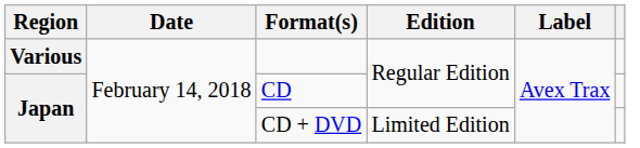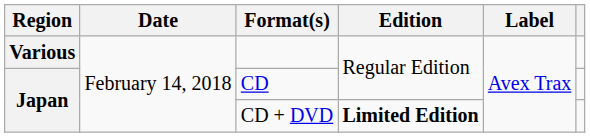 <table class="wikitable plainrowheaders" border="1">
 <tr>
 <th>Region</th>
 <th>Date</th>
 <th>Format(s)</th>
 <th>Edition</th>
 <th>Label</th>
 <th></th>
 </tr>
 <tr>
 <th scope="row">Various</th>
 <td rowspan="3">February 14, 2018</td>
 <td></td>
 <td rowspan="2">Regular Edition</td>
 <td rowspan="3"><a href='#'>Avex Trax</a></td>
 <td style="text-align:center;"></td>
 </tr>
 <tr>
 <th rowspan="2" scope="row">Japan</th>
 <td><a href='#'>CD</a></td>
 <td style="text-align:center;"></td>
 </tr>
 <tr>
 <td>CD + <a href='#'>DVD</a></td>
-<td>Limited Edition</td>
+<td><strong>Limited Edition</strong></td>
 <td style="text-align:center;"></td>
 </tr>
 </table>
